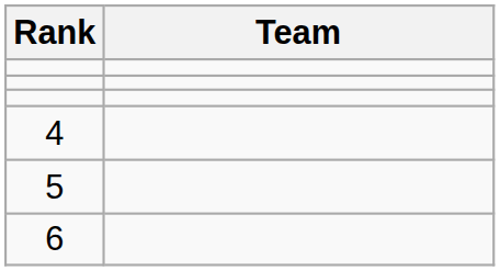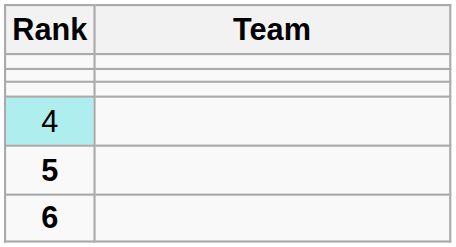 <table class="wikitable" style="text-align: center; font-size:90% ">
 <tr>
 <th width=35>Rank</th>
 <th width=160>Team</th>
 </tr>
 <tr>
 <td></td>
 <td align=left></td>
 </tr>
 <tr>
 <td></td>
 <td align=left></td>
 </tr>
 <tr>
 <td></td>
 <td align=left></td>
 </tr>
 <tr>
-<td>4</td>
+<td style="background: paleturquoise;">4</td>
 <td align=left></td>
 </tr>
 <tr>
-<td>5</td>
+<td><strong>5</strong></td>
 <td align=left></td>
 </tr>
 <tr>
-<td>6</td>
+<td><strong>6</strong></td>
 <td align=left></td>
 </tr>
 </table>
